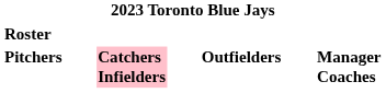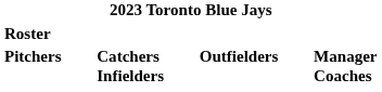 <table class="toccolours" style="font-size: 95%;">
 <tr http://upload.wikimedia.org/wikipedia/en/c/c8/Button_redirect.png>
 <th colspan="10">2023 Toronto Blue Jays</th>
 </tr>
 <tr>
 <td colspan="10"><strong>Roster</strong></td>
 </tr>
 <tr>
 <td valign="top"><strong>Pitchers</strong><br>                        </td>
 <td style="width:25px;"></td>
-<td valign="top" style="background: pink;"><strong>Catchers</strong><br>   <strong>Infielders</strong>            </td>
+<td valign="top"><strong>Catchers</strong><br>   <strong>Infielders</strong>            </td>
 <td style="width:25px;"></td>
 <td valign="top"><strong>Outfielders</strong><br>     </td>
 <td style="width:25px;"></td>
 <td valign="top"><strong>Manager</strong><br> <strong>Coaches</strong>                          </td>
 </tr>
 </table>
